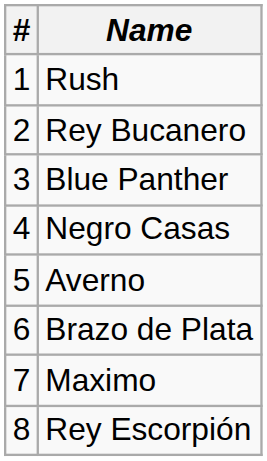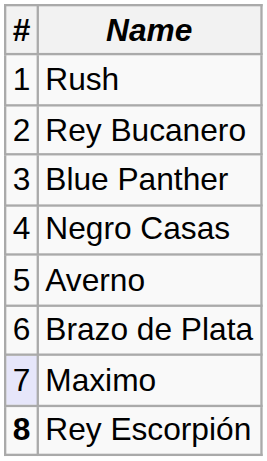 <table style="font-size: 85%" class="wikitable sortable">
 <tr>
 <th><strong>#</strong></th>
 <th><em>Name<strong></th>
 </tr>
 <tr>
 <td>1</td>
 <td>Rush</td>
 </tr>
 <tr>
 <td>2</td>
 <td>Rey Bucanero</td>
 </tr>
 <tr>
 <td>3</td>
 <td>Blue Panther</td>
 </tr>
 <tr>
 <td>4</td>
 <td>Negro Casas</td>
 </tr>
 <tr>
 <td>5</td>
 <td>Averno</td>
 </tr>
 <tr>
 <td>6</td>
 <td>Brazo de Plata</td>
 </tr>
 <tr>
-<td>7</td>
+<td style="background: lavender;">7</td>
 <td>Maximo</td>
 </tr>
 <tr>
-<td>8</td>
+<td><strong>8</strong></td>
 <td>Rey Escorpión</td>
 </tr>
 </table>
